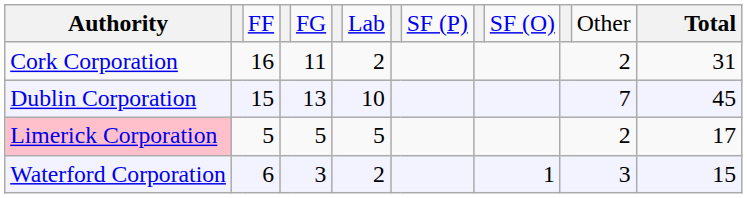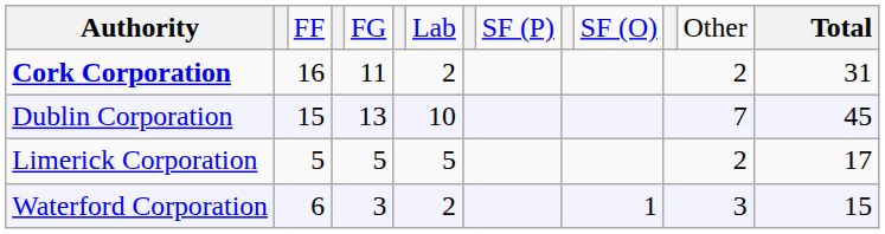 <table class="wikitable" style="text-align:right; padding-left:1em">
 <tr>
 <th align="left">Authority</th>
 <th style="background-color: "></th>
 <td><a href='#'>FF</a></td>
 <th style="background-color: "></th>
 <td><a href='#'>FG</a></td>
 <th style="background-color: "></th>
 <td><a href='#'>Lab</a></td>
 <th style="background-color: "></th>
 <td><a href='#'>SF (P)</a></td>
 <th style="background-color: "></th>
 <td><a href='#'>SF (O)</a></td>
 <th style="background-color: "></th>
 <td>Other</td>
 <th style="padding-left:2em">Total</th>
 </tr>
 <tr>
-<td align="left"><a href='#'>Cork Corporation</a></td>
+<td align="left"><strong><a href='#'>Cork Corporation</a></strong></td>
 <td colspan="2">16</td>
 <td colspan="2">11</td>
 <td colspan="2">2</td>
 <td colspan="2"></td>
 <td colspan="2"></td>
 <td colspan="2">2</td>
 <td>31</td>
 </tr>
 <tr bgcolor="F3F3FF">
 <td align="left"><a href='#'>Dublin Corporation</a></td>
 <td colspan="2">15</td>
 <td colspan="2">13</td>
 <td colspan="2">10</td>
 <td colspan="2"></td>
 <td colspan="2"></td>
 <td colspan="2">7 </td>
 <td>45</td>
 </tr>
 <tr>
-<td align="left" style="background: pink;"><a href='#'>Limerick Corporation</a></td>
+<td align="left"><a href='#'>Limerick Corporation</a></td>
 <td colspan="2">5</td>
 <td colspan="2">5</td>
 <td colspan="2">5</td>
 <td colspan="2"></td>
 <td colspan="2"></td>
 <td colspan="2">2</td>
 <td>17</td>
 </tr>
 <tr bgcolor="F3F3FF">
 <td align="left"><a href='#'>Waterford Corporation</a></td>
 <td colspan="2">6</td>
 <td colspan="2">3</td>
 <td colspan="2">2</td>
 <td colspan="2"></td>
 <td colspan="2">1</td>
 <td colspan="2">3</td>
 <td>15</td>
 </tr>
 </table>
